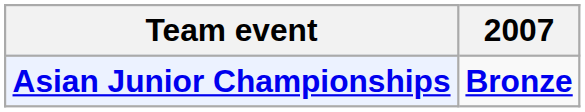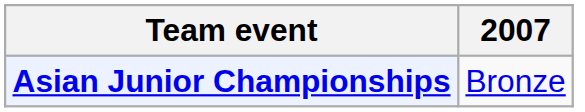 <table class="wikitable" style="font-size: 90%; text-align:center">
 <tr>
 <th>Team event</th>
 <th>2007</th>
 </tr>
 <tr>
 <td bgcolor="#ECF2FF"; align="left"><strong><a href='#'>Asian Junior Championships</a></strong></td>
-<td><strong> <a href='#'>Bronze</a></strong></td>
+<td> <a href='#'>Bronze</a></td>
 </tr>
 </table>
